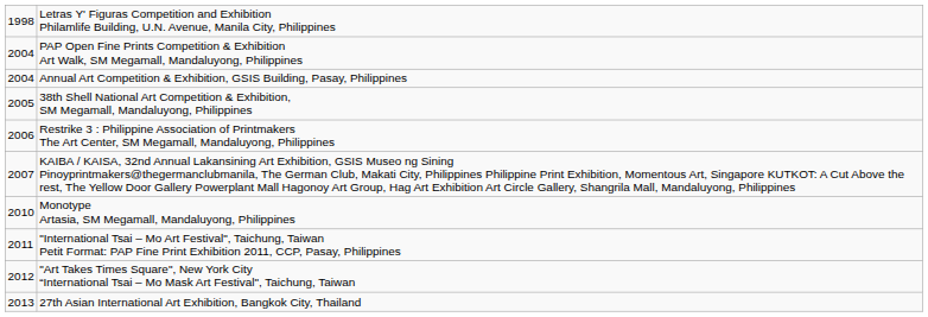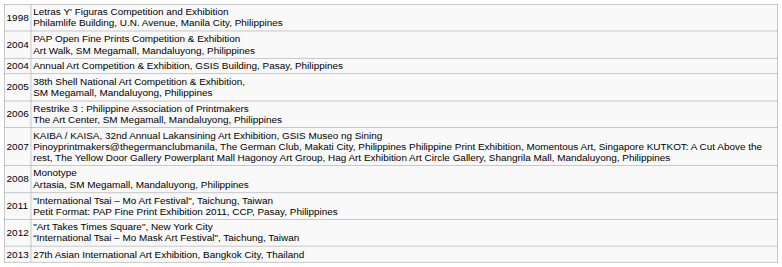 <table class="wikitable">
 <tr>
 <td>1998</td>
 <td>Letras Y' Figuras Competition and Exhibition<br>Philamlife Building, U.N. Avenue, Manila City, Philippines</td>
 </tr>
 <tr>
 <td>2004</td>
 <td>PAP Open Fine Prints Competition & Exhibition<br>Art Walk, SM Megamall, Mandaluyong, Philippines</td>
 </tr>
 <tr>
 <td>2004</td>
 <td>Annual Art Competition & Exhibition, GSIS Building, Pasay, Philippines</td>
 </tr>
 <tr>
 <td>2005</td>
 <td>38th Shell National Art Competition & Exhibition,<br>SM Megamall, Mandaluyong, Philippines</td>
 </tr>
 <tr>
 <td>2006</td>
 <td>Restrike 3 : Philippine Association of Printmakers<br>The Art Center, SM Megamall, Mandaluyong, Philippines</td>
 </tr>
 <tr>
 <td>2007</td>
 <td>KAIBA / KAISA, 32nd Annual Lakansining Art Exhibition, GSIS Museo ng Sining<br>Pinoyprintmakers@thegermanclubmanila, The German Club, Makati City, Philippines Philippine Print Exhibition, Momentous Art, Singapore KUTKOT: A Cut Above the rest, The Yellow Door Gallery Powerplant Mall Hagonoy Art Group, Hag Art Exhibition Art Circle Gallery, Shangrila Mall, Mandaluyong, Philippines </td>
 </tr>
 <tr>
-<td>2010</td>
+<td>2008</td>
 <td>Monotype<br>Artasia, SM Megamall, Mandaluyong, Philippines</td>
 </tr>
 <tr>
 <td>2011</td>
 <td>"International Tsai – Mo Art Festival", Taichung, Taiwan<br>Petit Format: PAP Fine Print Exhibition 2011, CCP, Pasay, Philippines </td>
 </tr>
 <tr>
 <td>2012</td>
 <td>"Art Takes Times Square", New York City<br>“International Tsai – Mo Mask Art Festival", Taichung, Taiwan</td>
 </tr>
 <tr>
 <td>2013</td>
 <td>27th Asian International Art Exhibition, Bangkok City, Thailand</td>
 </tr>
 </table>
